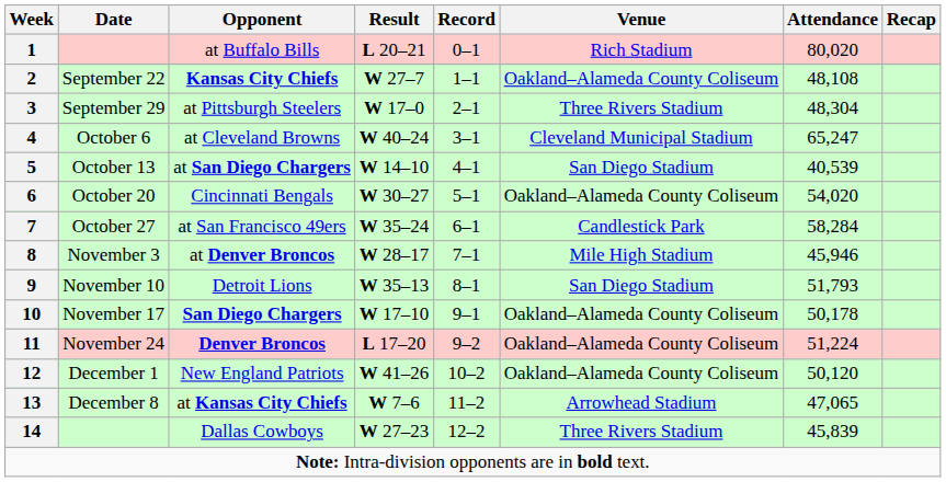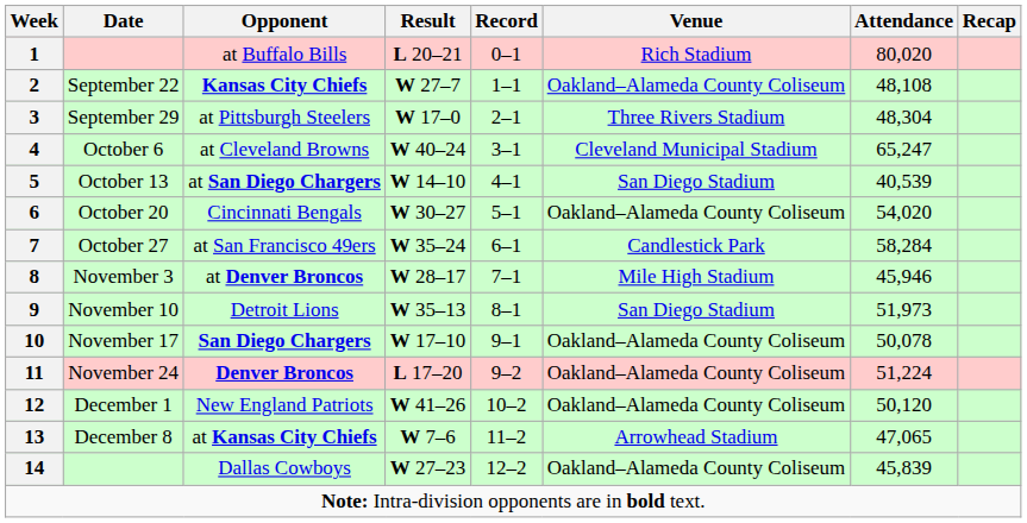 <table class="wikitable" style="text-align:center">
 <tr>
 <th>Week</th>
 <th>Date</th>
 <th>Opponent</th>
 <th>Result</th>
 <th>Record</th>
 <th>Venue</th>
 <th>Attendance</th>
 <th>Recap</th>
 </tr>
 <tr style="background:#fcc">
 <th>1</th>
 <td></td>
 <td>at <a href='#'>Buffalo Bills</a></td>
 <td><strong>L</strong> 20–21</td>
 <td>0–1</td>
 <td><a href='#'>Rich Stadium</a></td>
 <td>80,020</td>
 <td></td>
 </tr>
 <tr style="background:#cfc">
 <th>2</th>
 <td>September 22</td>
 <td><strong><a href='#'>Kansas City Chiefs</a></strong></td>
 <td><strong>W</strong> 27–7</td>
 <td>1–1</td>
 <td><a href='#'>Oakland–Alameda County Coliseum</a></td>
 <td>48,108</td>
 <td></td>
 </tr>
 <tr style="background:#cfc">
 <th>3</th>
 <td>September 29</td>
 <td>at <a href='#'>Pittsburgh Steelers</a></td>
 <td><strong>W</strong> 17–0</td>
 <td>2–1</td>
 <td><a href='#'>Three Rivers Stadium</a></td>
 <td>48,304</td>
 <td></td>
 </tr>
 <tr style="background:#cfc">
 <th>4</th>
 <td>October 6</td>
 <td>at <a href='#'>Cleveland Browns</a></td>
 <td><strong>W</strong> 40–24</td>
 <td>3–1</td>
 <td><a href='#'>Cleveland Municipal Stadium</a></td>
 <td>65,247</td>
 <td></td>
 </tr>
 <tr style="background:#cfc">
 <th>5</th>
 <td>October 13</td>
 <td>at <strong><a href='#'>San Diego Chargers</a></strong></td>
 <td><strong>W</strong> 14–10</td>
 <td>4–1</td>
 <td><a href='#'>San Diego Stadium</a></td>
 <td>40,539</td>
 <td></td>
 </tr>
 <tr style="background:#cfc">
 <th>6</th>
 <td>October 20</td>
 <td><a href='#'>Cincinnati Bengals</a></td>
 <td><strong>W</strong> 30–27</td>
 <td>5–1</td>
 <td>Oakland–Alameda County Coliseum</td>
 <td>54,020</td>
 <td></td>
 </tr>
 <tr style="background:#cfc">
 <th>7</th>
 <td>October 27</td>
 <td>at <a href='#'>San Francisco 49ers</a></td>
 <td><strong>W</strong> 35–24</td>
 <td>6–1</td>
 <td><a href='#'>Candlestick Park</a></td>
 <td>58,284</td>
 <td></td>
 </tr>
 <tr style="background:#cfc">
 <th>8</th>
 <td>November 3</td>
 <td>at <strong><a href='#'>Denver Broncos</a></strong></td>
 <td><strong>W</strong> 28–17</td>
 <td>7–1</td>
 <td><a href='#'>Mile High Stadium</a></td>
 <td>45,946</td>
 <td></td>
 </tr>
 <tr style="background:#cfc">
 <th>9</th>
 <td>November 10</td>
 <td><a href='#'>Detroit Lions</a></td>
 <td><strong>W</strong> 35–13</td>
 <td>8–1</td>
 <td><a href='#'>San Diego Stadium</a></td>
-<td>51,793</td>
+<td>51,973</td>
 <td></td>
 </tr>
 <tr style="background:#cfc">
 <th>10</th>
 <td>November 17</td>
 <td><strong><a href='#'>San Diego Chargers</a></strong></td>
 <td><strong>W</strong> 17–10</td>
 <td>9–1</td>
 <td>Oakland–Alameda County Coliseum</td>
-<td>50,178</td>
+<td>50,078</td>
 <td></td>
 </tr>
 <tr style="background:#fcc">
 <th>11</th>
 <td>November 24</td>
 <td><strong><a href='#'>Denver Broncos</a></strong></td>
 <td><strong>L</strong> 17–20</td>
 <td>9–2</td>
 <td>Oakland–Alameda County Coliseum</td>
 <td>51,224</td>
 <td></td>
 </tr>
 <tr style="background:#cfc">
 <th>12</th>
 <td>December 1</td>
 <td><a href='#'>New England Patriots</a></td>
 <td><strong>W</strong> 41–26</td>
 <td>10–2</td>
 <td>Oakland–Alameda County Coliseum</td>
 <td>50,120</td>
 <td></td>
 </tr>
 <tr style="background:#cfc">
 <th>13</th>
 <td>December 8</td>
 <td>at <strong><a href='#'>Kansas City Chiefs</a></strong></td>
 <td><strong>W</strong> 7–6</td>
 <td>11–2</td>
 <td><a href='#'>Arrowhead Stadium</a></td>
 <td>47,065</td>
 <td></td>
 </tr>
 <tr style="background:#cfc">
 <th>14</th>
 <td></td>
 <td><a href='#'>Dallas Cowboys</a></td>
 <td><strong>W</strong> 27–23</td>
 <td>12–2</td>
-<td><a href='#'>Three Rivers Stadium</a></td>
+<td>Oakland–Alameda County Coliseum</td>
 <td>45,839</td>
 <td></td>
 </tr>
 <tr>
 <td colspan="8"><strong>Note:</strong> Intra-division opponents are in <strong>bold</strong> text.</td>
 </tr>
 </table>
